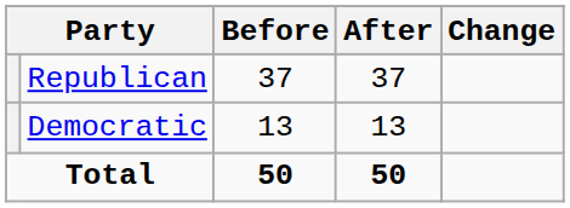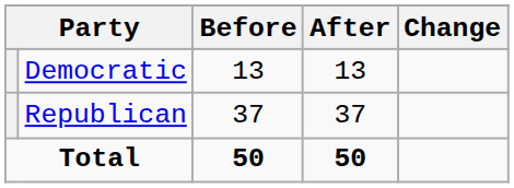 <table class="wikitable" style="text-align:center;">
 <tr>
 </tr>
 <tr>
 <th colspan=2>Party</th>
 <th>Before</th>
 <th>After</th>
 <th>Change</th>
 </tr>
 <tr>
 <th style="background-color:"></th>
-<td style="text-align:left;"><a href='#'>Republican</a></td>
-<td>37</td>
-<td>37</td>
+<td style="text-align:left;"><a href='#'>Democratic</a></td>
+<td>13</td>
+<td>13</td>
 <td></td>
 </tr>
 <tr>
 <th style="background-color:"></th>
-<td style="text-align:left;"><a href='#'>Democratic</a></td>
-<td>13</td>
-<td>13</td>
+<td style="text-align:left;"><a href='#'>Republican</a></td>
+<td>37</td>
+<td>37</td>
 <td></td>
 </tr>
 <tr>
 <td colspan=2><strong>Total</strong></td>
 <td><strong>50</strong></td>
 <td><strong>50</strong></td>
 <td></td>
 </tr>
 </table>
